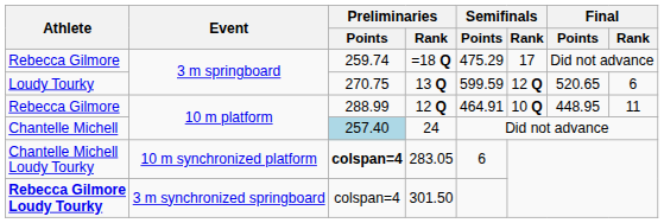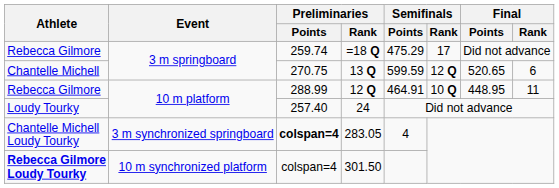 <table class=wikitable style="font-size:90%">
 <tr>
 <th rowspan=2>Athlete</th>
 <th rowspan=2>Event</th>
 <th colspan="2">Preliminaries</th>
 <th colspan="2">Semifinals</th>
 <th colspan="2">Final</th>
 </tr>
 <tr style="font-size:95%">
 <th>Points</th>
 <th>Rank</th>
 <th>Points</th>
 <th>Rank</th>
 <th>Points</th>
 <th>Rank</th>
 </tr>
 <tr align=center>
 <td align=left><a href='#'>Rebecca Gilmore</a></td>
 <td rowspan=2><a href='#'>3 m springboard</a></td>
 <td>259.74</td>
 <td>=18 <strong>Q</strong></td>
 <td>475.29</td>
 <td>17</td>
 <td colspan=2>Did not advance</td>
 </tr>
 <tr align=center>
-<td align=left><a href='#'>Loudy Tourky</a></td>
+<td align=left><a href='#'>Chantelle Michell</a></td>
 <td>270.75</td>
 <td>13 <strong>Q</strong></td>
 <td>599.59</td>
 <td>12 <strong>Q</strong></td>
 <td>520.65</td>
 <td>6</td>
 </tr>
 <tr align=center>
 <td align=left><a href='#'>Rebecca Gilmore</a></td>
 <td rowspan=2><a href='#'>10 m platform</a></td>
 <td>288.99</td>
 <td>12 <strong>Q</strong></td>
 <td>464.91</td>
 <td>10 <strong>Q</strong></td>
 <td>448.95</td>
 <td>11</td>
 </tr>
 <tr align=center>
-<td align=left><a href='#'>Chantelle Michell</a></td>
-<td style="background: lightblue;">257.40</td>
+<td align=left><a href='#'>Loudy Tourky</a></td>
+<td>257.40</td>
 <td>24</td>
 <td colspan=4>Did not advance</td>
 </tr>
 <tr align=center>
 <td align=left><a href='#'>Chantelle Michell</a><br><a href='#'>Loudy Tourky</a></td>
-<td><a href='#'>10 m synchronized platform</a></td>
+<td><a href='#'>3 m synchronized springboard</a></td>
 <td><strong>colspan=4 </strong></td>
 <td>283.05</td>
-<td>6</td>
+<td>4</td>
 </tr>
 <tr align=center>
 <td align=left><strong><a href='#'>Rebecca Gilmore</a><br><a href='#'>Loudy Tourky</a></strong></td>
-<td><a href='#'>3 m synchronized springboard</a></td>
+<td><a href='#'>10 m synchronized platform</a></td>
 <td>colspan=4 </td>
 <td>301.50</td>
 <td></td>
 </tr>
 </table>
